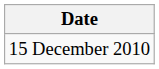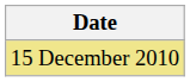 <table class="wikitable" style="text-align:center;">
 <tr>
 <th>Date</th>
 </tr>
 <tr>
-<td>15 December 2010</td>
+<td style="background: khaki;">15 December 2010</td>
 </tr>
 </table>
